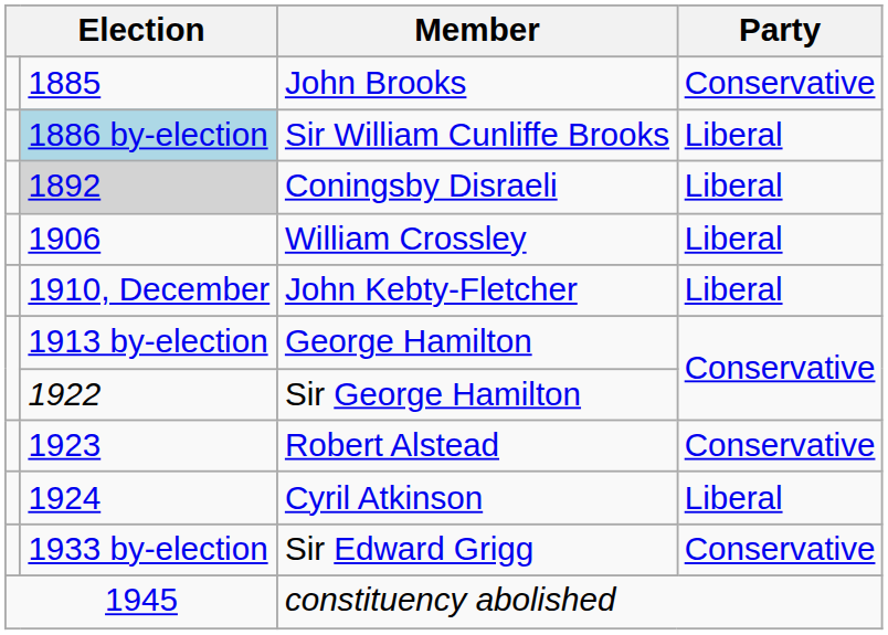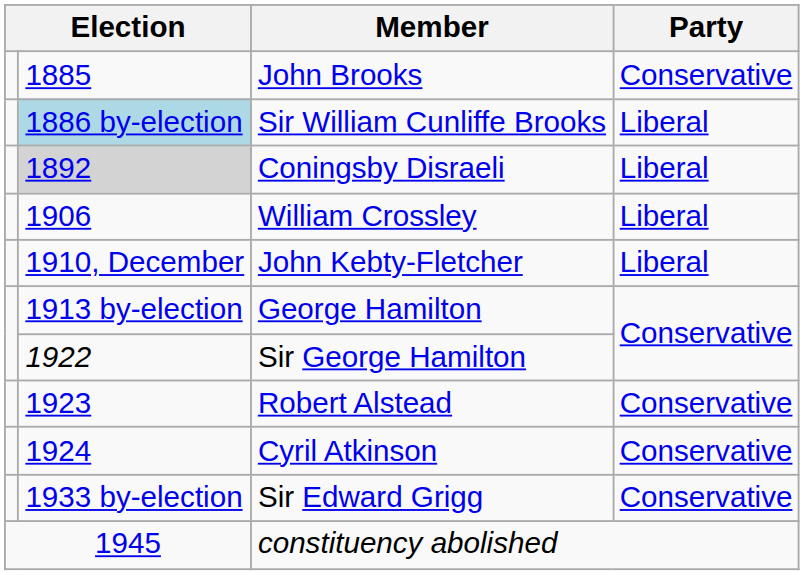 <table class="wikitable">
 <tr>
 <th colspan="2">Election</th>
 <th>Member</th>
 <th>Party</th>
 </tr>
 <tr>
 <td style="color:inherit;background-color: "></td>
 <td><a href='#'>1885</a></td>
 <td><a href='#'>John Brooks</a></td>
 <td><a href='#'>Conservative</a></td>
 </tr>
 <tr>
 <td style="color:inherit;background-color: "></td>
 <td style="background: lightblue;"><a href='#'>1886 by-election</a></td>
 <td><a href='#'>Sir William Cunliffe Brooks</a></td>
 <td><a href='#'>Liberal</a></td>
 </tr>
 <tr>
 <td style="color:inherit;background-color: "></td>
 <td style="background: lightgrey;"><a href='#'>1892</a></td>
 <td><a href='#'>Coningsby Disraeli</a></td>
 <td><a href='#'>Liberal</a></td>
 </tr>
 <tr>
 <td style="color:inherit;background-color: "></td>
 <td><a href='#'>1906</a></td>
 <td><a href='#'>William Crossley</a></td>
 <td><a href='#'>Liberal</a></td>
 </tr>
 <tr>
 <td style="color:inherit;background-color: "></td>
 <td><a href='#'>1910, December</a></td>
 <td><a href='#'>John Kebty-Fletcher</a></td>
 <td><a href='#'>Liberal</a></td>
 </tr>
 <tr>
 <td rowspan="2" style="color:inherit;background-color: "></td>
 <td><a href='#'>1913 by-election</a></td>
 <td><a href='#'>George Hamilton</a></td>
 <td rowspan="2"><a href='#'>Conservative</a></td>
 </tr>
 <tr>
 <td><em>1922</em></td>
 <td>Sir <a href='#'>George Hamilton</a> </td>
 </tr>
 <tr>
 <td style="color:inherit;background-color: "></td>
 <td><a href='#'>1923</a></td>
 <td><a href='#'>Robert Alstead</a></td>
 <td><a href='#'>Conservative</a></td>
 </tr>
 <tr>
 <td style="color:inherit;background-color: "></td>
 <td><a href='#'>1924</a></td>
 <td><a href='#'>Cyril Atkinson</a></td>
-<td><a href='#'>Liberal</a></td>
+<td><a href='#'>Conservative</a></td>
 </tr>
 <tr>
 <td style="color:inherit;background-color: "></td>
 <td><a href='#'>1933 by-election</a></td>
 <td>Sir <a href='#'>Edward Grigg</a></td>
 <td><a href='#'>Conservative</a></td>
 </tr>
 <tr>
 <td colspan="2" align="center"><a href='#'>1945</a></td>
 <td colspan="2"><em>constituency abolished</em></td>
 </tr>
 </table>
